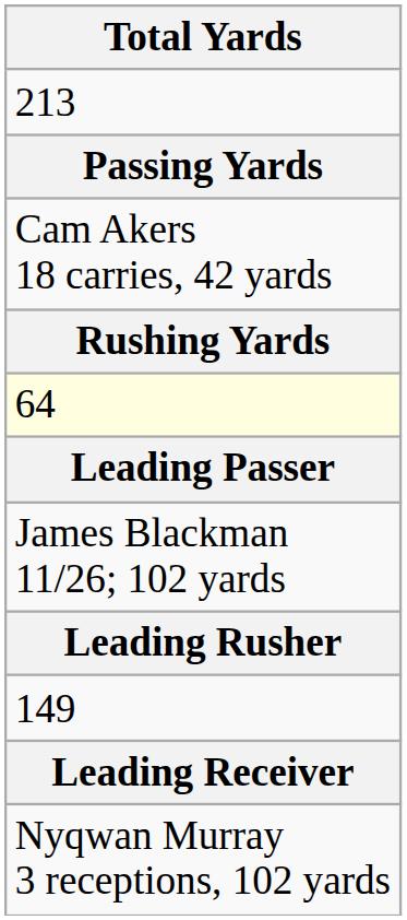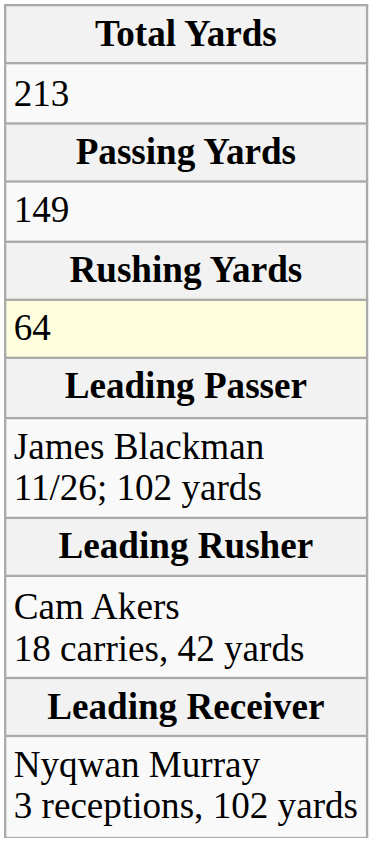 <table class="wikitable">
 <tr>
 <th>Total Yards</th>
 </tr>
 <tr>
 <td>213</td>
 </tr>
 <tr>
 <th>Passing Yards</th>
 </tr>
 <tr>
-<td>Cam Akers<br>18 carries, 42 yards</td>
+<td>149</td>
 </tr>
 <tr>
 <th>Rushing Yards</th>
 </tr>
 <tr>
 <td style="background: lightyellow;">64</td>
 </tr>
 <tr>
 <th>Leading Passer</th>
 </tr>
 <tr>
 <td>James Blackman<br>11/26; 102 yards</td>
 </tr>
 <tr>
 <th>Leading Rusher</th>
 </tr>
 <tr>
-<td>149</td>
+<td>Cam Akers<br>18 carries, 42 yards</td>
 </tr>
 <tr>
 <th>Leading Receiver</th>
 </tr>
 <tr>
 <td>Nyqwan Murray<br>3 receptions, 102 yards</td>
 </tr>
 </table>
